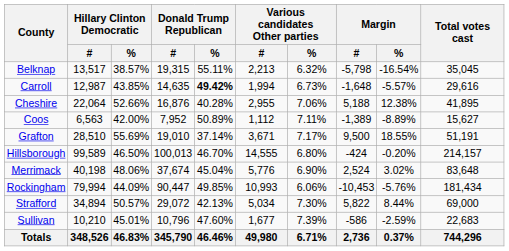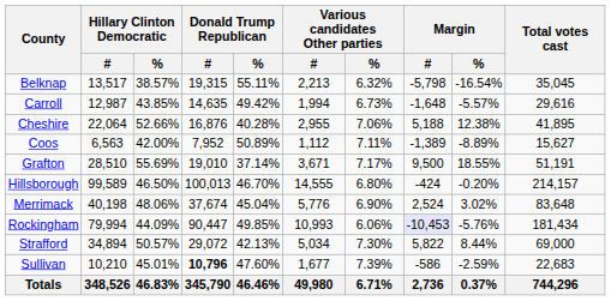 <table width="60%"  class="wikitable sortable" style="text-align:center">
 <tr>
 <th style="text-align:center;" rowspan="2">County</th>
 <th style="text-align:center;" colspan="2">Hillary Clinton<br>Democratic</th>
 <th style="text-align:center;" colspan="2">Donald Trump<br>Republican</th>
 <th style="text-align:center;" colspan="2">Various candidates<br>Other parties</th>
 <th style="text-align:center;" colspan="2">Margin</th>
 <th style="text-align:center;" rowspan="2">Total votes cast</th>
 </tr>
 <tr>
 <th style="text-align:center;" data-sort-type="number">#</th>
 <th style="text-align:center;" data-sort-type="number">%</th>
 <th style="text-align:center;" data-sort-type="number">#</th>
 <th style="text-align:center;" data-sort-type="number">%</th>
 <th style="text-align:center;" data-sort-type="number">#</th>
 <th style="text-align:center;" data-sort-type="number">%</th>
 <th style="text-align:center;" data-sort-type="number">#</th>
 <th style="text-align:center;" data-sort-type="number">%</th>
 </tr>
 <tr style="text-align:center;">
 <td><a href='#'>Belknap</a></td>
 <td>13,517</td>
 <td>38.57%</td>
 <td>19,315</td>
 <td>55.11%</td>
 <td>2,213</td>
 <td>6.32%</td>
 <td>-5,798</td>
 <td>-16.54%</td>
 <td>35,045</td>
 </tr>
 <tr style="text-align:center;">
 <td><a href='#'>Carroll</a></td>
 <td>12,987</td>
 <td>43.85%</td>
 <td>14,635</td>
-<td><strong>49.42%</strong></td>
+<td>49.42%</td>
 <td>1,994</td>
 <td>6.73%</td>
 <td>-1,648</td>
 <td>-5.57%</td>
 <td>29,616</td>
 </tr>
 <tr style="text-align:center;">
 <td><a href='#'>Cheshire</a></td>
 <td>22,064</td>
 <td>52.66%</td>
 <td>16,876</td>
 <td>40.28%</td>
 <td>2,955</td>
 <td>7.06%</td>
 <td>5,188</td>
 <td>12.38%</td>
 <td>41,895</td>
 </tr>
 <tr style="text-align:center;">
 <td><a href='#'>Coos</a></td>
 <td>6,563</td>
 <td>42.00%</td>
 <td>7,952</td>
 <td>50.89%</td>
 <td>1,112</td>
 <td>7.11%</td>
 <td>-1,389</td>
 <td>-8.89%</td>
 <td>15,627</td>
 </tr>
 <tr style="text-align:center;">
 <td><a href='#'>Grafton</a></td>
 <td>28,510</td>
 <td>55.69%</td>
 <td>19,010</td>
 <td>37.14%</td>
 <td>3,671</td>
 <td>7.17%</td>
 <td>9,500</td>
 <td>18.55%</td>
 <td>51,191</td>
 </tr>
 <tr style="text-align:center;">
 <td><a href='#'>Hillsborough</a></td>
 <td>99,589</td>
 <td>46.50%</td>
 <td>100,013</td>
 <td>46.70%</td>
 <td>14,555</td>
 <td>6.80%</td>
 <td>-424</td>
 <td>-0.20%</td>
 <td>214,157</td>
 </tr>
 <tr style="text-align:center;">
 <td><a href='#'>Merrimack</a></td>
 <td>40,198</td>
 <td>48.06%</td>
 <td>37,674</td>
 <td>45.04%</td>
 <td>5,776</td>
 <td>6.90%</td>
 <td>2,524</td>
 <td>3.02%</td>
 <td>83,648</td>
 </tr>
 <tr style="text-align:center;">
 <td><a href='#'>Rockingham</a></td>
 <td>79,994</td>
 <td>44.09%</td>
 <td>90,447</td>
 <td>49.85%</td>
 <td>10,993</td>
 <td>6.06%</td>
-<td>-10,453</td>
+<td style="background: lavender;">-10,453</td>
 <td>-5.76%</td>
 <td>181,434</td>
 </tr>
 <tr style="text-align:center;">
 <td><a href='#'>Strafford</a></td>
 <td>34,894</td>
 <td>50.57%</td>
 <td>29,072</td>
 <td>42.13%</td>
 <td>5,034</td>
 <td>7.30%</td>
 <td>5,822</td>
 <td>8.44%</td>
 <td>69,000</td>
 </tr>
 <tr style="text-align:center;">
 <td><a href='#'>Sullivan</a></td>
 <td>10,210</td>
 <td>45.01%</td>
-<td>10,796</td>
+<td><strong>10,796</strong></td>
 <td>47.60%</td>
 <td>1,677</td>
 <td>7.39%</td>
 <td>-586</td>
 <td>-2.59%</td>
 <td>22,683</td>
 </tr>
 <tr>
 <th>Totals</th>
 <th>348,526</th>
 <th>46.83%</th>
 <th>345,790</th>
 <th>46.46%</th>
 <th>49,980</th>
 <th>6.71%</th>
 <th>2,736</th>
 <th>0.37%</th>
 <th>744,296</th>
 </tr>
 </table>
